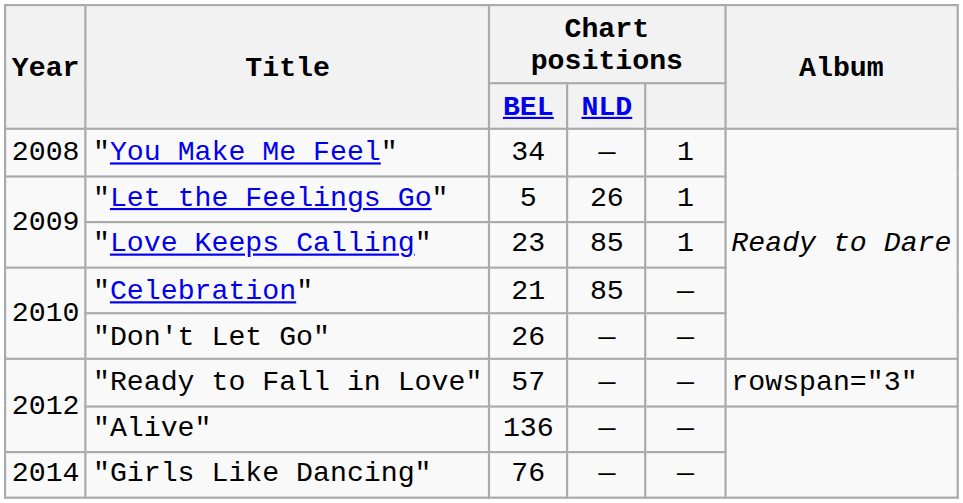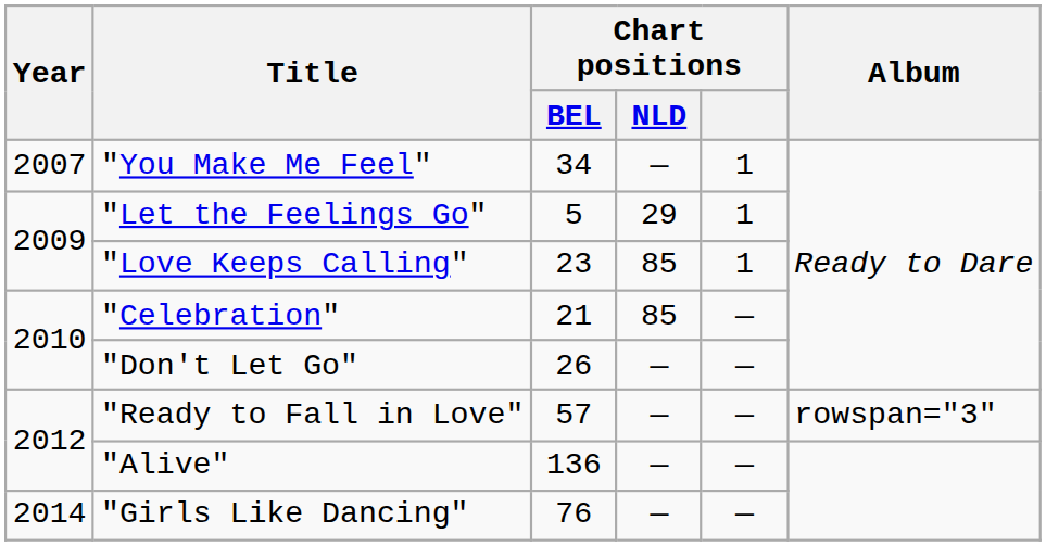 <table class="wikitable">
 <tr>
 <th rowspan="2">Year</th>
 <th rowspan="2">Title</th>
 <th colspan="3">Chart positions</th>
 <th rowspan="2">Album</th>
 </tr>
 <tr>
 <th width="30"><a href='#'>BEL</a></th>
 <th width="30"><a href='#'>NLD</a></th>
 <th width="30"></th>
 </tr>
 <tr>
-<td>2008</td>
+<td>2007</td>
 <td>"<a href='#'>You Make Me Feel</a>"</td>
 <td align="center">34</td>
 <td align="center">—</td>
 <td align="center">1</td>
 <td rowspan="5"><em>Ready to Dare</em></td>
 </tr>
 <tr>
 <td rowspan="2">2009</td>
 <td>"<a href='#'>Let the Feelings Go</a>"</td>
 <td align="center">5</td>
-<td align="center">26</td>
+<td align="center">29</td>
 <td align="center">1</td>
 </tr>
 <tr>
 <td>"<a href='#'>Love Keeps Calling</a>"</td>
 <td align="center">23</td>
 <td align="center">85</td>
 <td align="center">1</td>
 </tr>
 <tr>
 <td rowspan="2">2010</td>
 <td>"<a href='#'>Celebration</a>"</td>
 <td align="center">21</td>
 <td align="center">85</td>
 <td align="center">—</td>
 </tr>
 <tr>
 <td>"Don't Let Go"</td>
 <td align="center">26</td>
 <td align="center">—</td>
 <td align="center">—</td>
 </tr>
 <tr>
 <td rowspan="2">2012</td>
 <td>"Ready to Fall in Love"</td>
 <td align="center">57</td>
 <td align="center">—</td>
 <td align="center">—</td>
 <td>rowspan="3" </td>
 </tr>
 <tr>
 <td>"Alive"</td>
 <td align="center">136</td>
 <td align="center">—</td>
 <td align="center">—</td>
 </tr>
 <tr>
 <td>2014</td>
 <td>"Girls Like Dancing"</td>
 <td align="center">76</td>
 <td align="center">—</td>
 <td align="center">—</td>
 </tr>
 </table>
